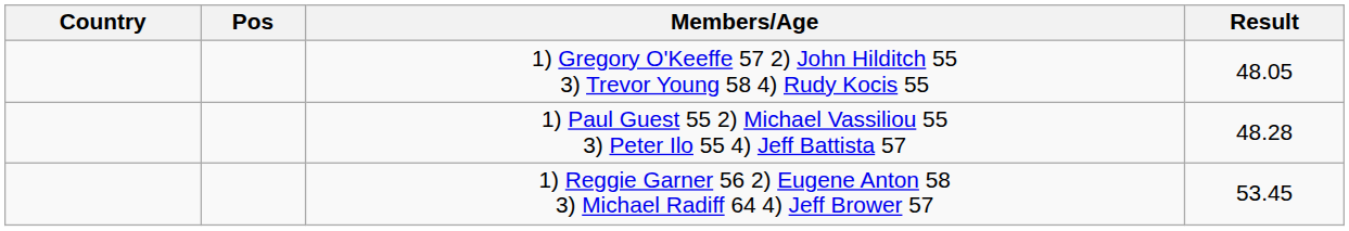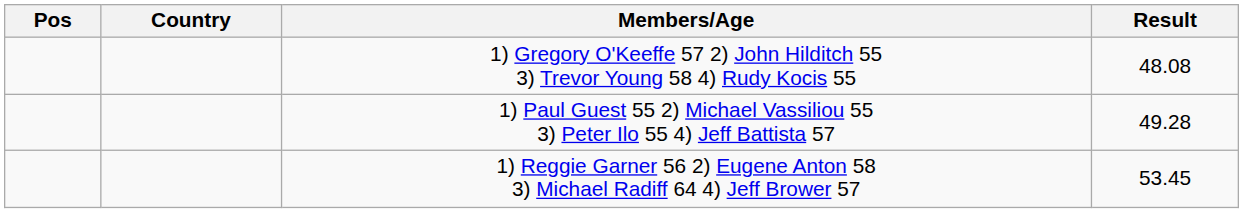 <table class="wikitable"  style="text-align:center; width:60%;">
 <tr>
+<th>Pos</th>
 <th>Country</th>
-<th>Pos</th>
 <th>Members/Age</th>
 <th>Result</th>
 </tr>
 <tr>
+<td align=center></td>
 <td align=left></td>
-<td align=center></td>
 <td>1) <a href='#'>Gregory O'Keeffe</a> 57 2) <a href='#'>John Hilditch</a> 55<br>3) <a href='#'>Trevor Young</a> 58 4) <a href='#'>Rudy Kocis</a> 55</td>
-<td>48.05</td>
+<td>48.08</td>
 </tr>
 <tr>
+<td align=center></td>
 <td align=left></td>
-<td align=center></td>
 <td>1) <a href='#'>Paul Guest</a> 55 2) <a href='#'>Michael Vassiliou</a> 55<br>3) <a href='#'>Peter Ilo</a> 55 4) <a href='#'>Jeff Battista</a> 57</td>
-<td>48.28</td>
+<td>49.28</td>
 </tr>
 <tr>
+<td align=center></td>
 <td align=left></td>
-<td align=center></td>
 <td>1) <a href='#'>Reggie Garner</a> 56 2) <a href='#'>Eugene Anton</a> 58<br>3) <a href='#'>Michael Radiff</a> 64 4) <a href='#'>Jeff Brower</a> 57</td>
 <td>53.45</td>
 </tr>
 </table>
